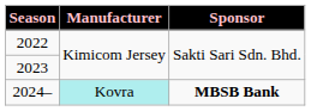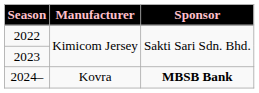 <table class="wikitable" style="text-align:center;margin-left:1em;float:center">
 <tr>
 <th style="background:black; color:pink;">Season</th>
 <th style="background:black; color:pink;">Manufacturer</th>
 <th style="background:black; color:pink;">Sponsor</th>
 </tr>
 <tr>
 <td>2022</td>
 <td rowspan=2>Kimicom Jersey</td>
 <td rowspan=2>Sakti Sari Sdn. Bhd.</td>
 </tr>
 <tr>
 <td>2023</td>
 </tr>
 <tr>
 <td>2024–</td>
-<td style="background: paleturquoise;">Kovra</td>
+<td>Kovra</td>
 <td><strong>MBSB Bank</strong></td>
 </tr>
 </table>
